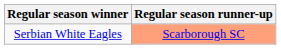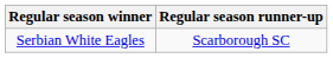 <table class="wikitable" style="text-align: center;">
 <tr>
 <th>Regular season winner</th>
 <th>Regular season runner-up</th>
 </tr>
 <tr>
 <td><a href='#'>Serbian White Eagles</a></td>
-<td style="background: lightsalmon;"><a href='#'>Scarborough SC</a></td>
+<td><a href='#'>Scarborough SC</a></td>
 </tr>
 </table>
